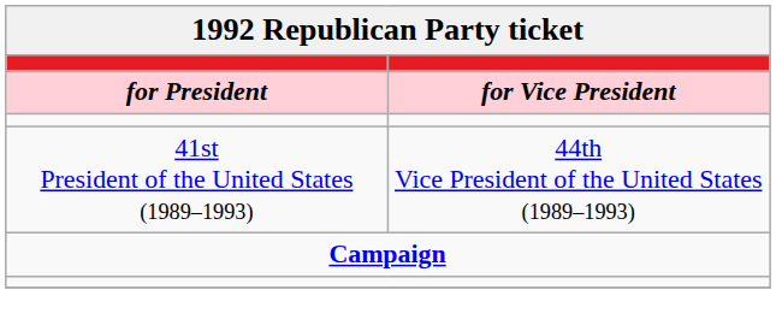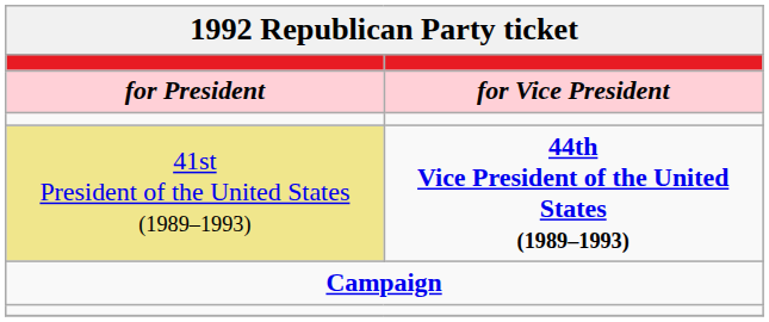 <table class="wikitable" style="font-size:90%; text-align:center;">
 <tr>
 <td style="background:#f1f1f1;" colspan="30"><big><strong>1992 Republican Party ticket</strong></big></td>
 </tr>
 <tr>
 <th style="width:3em; font-size:135%; background:#E81B23; width:200px;"><a href='#'></a></th>
 <th style="width:3em; font-size:135%; background:#E81B23; width:200px;"><a href='#'></a></th>
 </tr>
 <tr style="color:#000; font-size:100%; background:#ffd0d7;">
 <td style="width:3em; width:200px;"><strong><em>for President</em></strong></td>
 <td style="width:3em; width:200px;"><strong><em>for Vice President</em></strong></td>
 </tr>
 <tr>
 <td></td>
 <td></td>
 </tr>
 <tr>
-<td><a href='#'>41st</a><br><a href='#'>President of the United States</a><br><small>(1989–1993)</small></td>
-<td><a href='#'>44th</a><br><a href='#'>Vice President of the United States</a><br><small>(1989–1993)</small></td>
+<td style="background: khaki;"><a href='#'>41st</a><br><a href='#'>President of the United States</a><br><small>(1989–1993)</small></td>
+<td><strong><a href='#'>44th</a><br><a href='#'>Vice President of the United States</a><br><small>(1989–1993)</small></strong></td>
 </tr>
 <tr>
 <td colspan=2><strong><a href='#'>Campaign</a></strong></td>
 </tr>
 <tr>
 <td colspan=2></td>
 </tr>
 <tr>
 </tr>
 </table>
